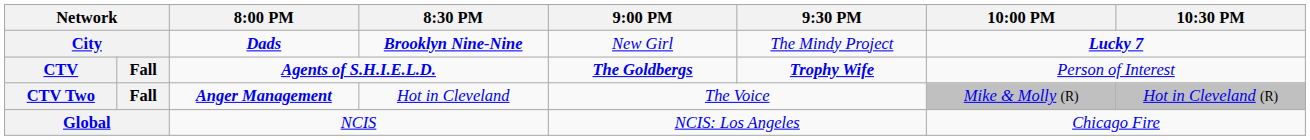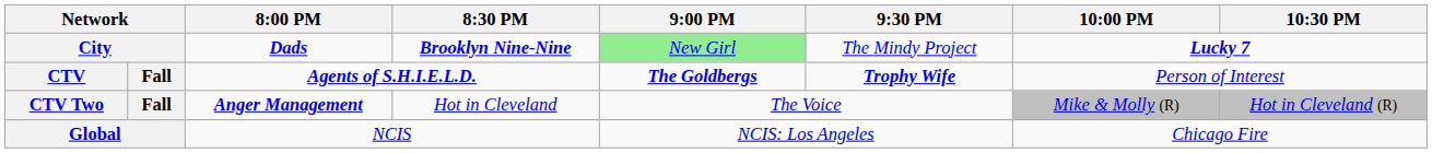 <table class="wikitable" style="width:100%;margin-right:0;text-align:center">
 <tr>
 <th colspan="2" style="width:10%;">Network</th>
 <th style="width:11.5%;">8:00 PM</th>
 <th style="width:11.5%;">8:30 PM</th>
 <th style="width:11.5%;">9:00 PM</th>
 <th style="width:11.5%;">9:30 PM</th>
 <th style="width:11.5%;">10:00 PM</th>
 <th style="width:11.5%;">10:30 PM</th>
 </tr>
 <tr>
 <th colspan="2"><a href='#'>City</a></th>
 <td><strong><em><a href='#'>Dads</a></em></strong></td>
 <td><strong><em><a href='#'>Brooklyn Nine-Nine</a></em></strong></td>
-<td><em><a href='#'>New Girl</a></em></td>
+<td style="background: lightgreen;"><em><a href='#'>New Girl</a></em></td>
 <td><em><a href='#'>The Mindy Project</a></em></td>
 <td colspan="2"><strong><em><a href='#'>Lucky 7</a></em></strong></td>
 </tr>
 <tr>
 <th colspan="1"><a href='#'>CTV</a></th>
 <th>Fall</th>
 <td colspan="2"><strong><em><a href='#'>Agents of S.H.I.E.L.D.</a></em></strong></td>
 <td><strong><em><a href='#'>The Goldbergs</a></em></strong></td>
 <td><strong><em><a href='#'>Trophy Wife</a></em></strong></td>
 <td colspan="2"><em><a href='#'>Person of Interest</a></em> </td>
 </tr>
 <tr>
 <th colspan="1"><a href='#'>CTV Two</a></th>
 <th>Fall</th>
 <td><strong><em><a href='#'>Anger Management</a></em></strong></td>
 <td><em><a href='#'>Hot in Cleveland</a></em></td>
 <td colspan="2"><em><a href='#'>The Voice</a></em></td>
 <td style="background:silver;"><em><a href='#'>Mike & Molly</a></em> <small>(R)</small></td>
 <td style="background:silver;"><em><a href='#'>Hot in Cleveland</a></em> <small>(R)</small></td>
 </tr>
 <tr>
 <th colspan="2"><a href='#'>Global</a></th>
 <td colspan="2"><em><a href='#'>NCIS</a></em></td>
 <td colspan="2"><em><a href='#'>NCIS: Los Angeles</a></em></td>
 <td colspan="2"><em><a href='#'>Chicago Fire</a></em></td>
 </tr>
 </table>
